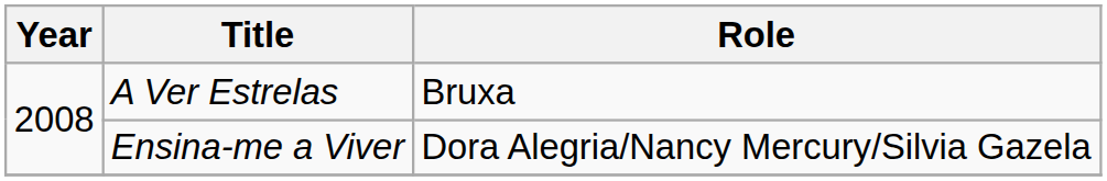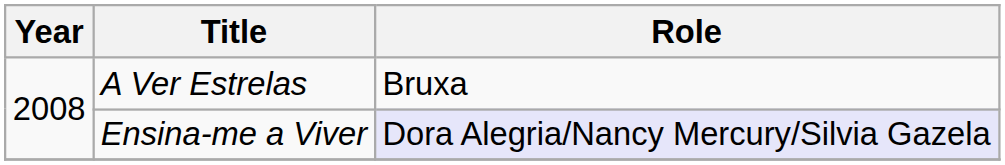 <table class="wikitable" style="font-size: 90%;">
 <tr>
 <th>Year</th>
 <th>Title</th>
 <th>Role</th>
 </tr>
 <tr>
 <td rowspan="2">2008</td>
 <td><em>A Ver Estrelas</em></td>
 <td>Bruxa</td>
 </tr>
 <tr>
 <td><em>Ensina-me a Viver</em></td>
-<td>Dora Alegria/Nancy Mercury/Silvia Gazela</td>
+<td style="background: lavender;">Dora Alegria/Nancy Mercury/Silvia Gazela</td>
 </tr>
 <tr>
 </tr>
 </table>
